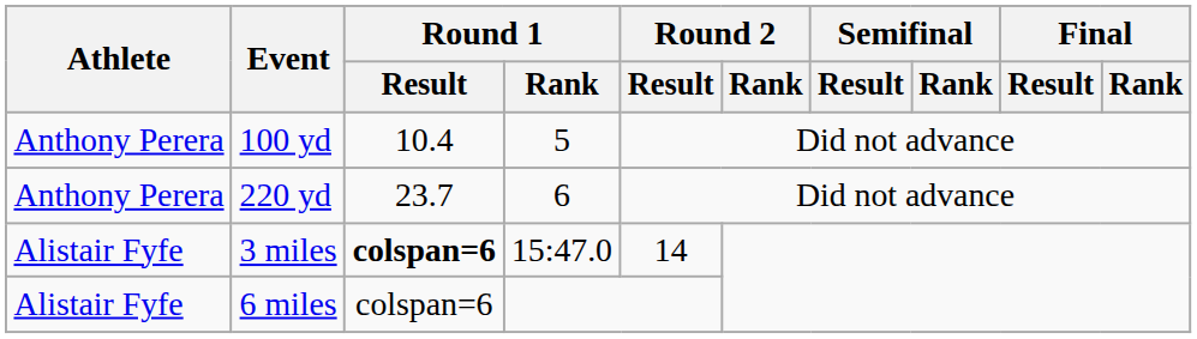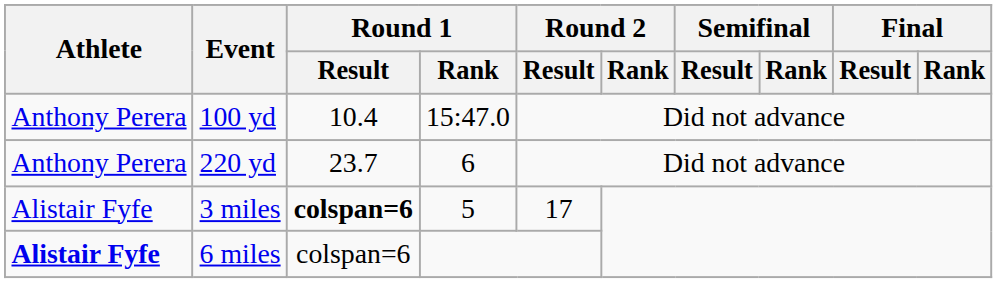 <table class=wikitable style=font-size:90%>
 <tr>
 <th rowspan=2>Athlete</th>
 <th rowspan=2>Event</th>
 <th colspan=2>Round 1</th>
 <th colspan=2>Round 2</th>
 <th colspan=2>Semifinal</th>
 <th colspan=2>Final</th>
 </tr>
 <tr style=font-size:95%>
 <th>Result</th>
 <th>Rank</th>
 <th>Result</th>
 <th>Rank</th>
 <th>Result</th>
 <th>Rank</th>
 <th>Result</th>
 <th>Rank</th>
 </tr>
 <tr align=center>
 <td align=left><a href='#'>Anthony Perera</a></td>
 <td align=left><a href='#'>100 yd</a></td>
 <td>10.4</td>
-<td>5</td>
+<td>15:47.0</td>
 <td colspan=6>Did not advance</td>
 </tr>
 <tr align=center>
 <td align=left><a href='#'>Anthony Perera</a></td>
 <td align=left><a href='#'>220 yd</a></td>
 <td>23.7</td>
 <td>6</td>
 <td colspan=6>Did not advance</td>
 </tr>
 <tr align=center>
 <td align=left><a href='#'>Alistair Fyfe</a></td>
 <td align=left><a href='#'>3 miles</a></td>
 <td><strong>colspan=6 </strong></td>
-<td>15:47.0</td>
-<td>14</td>
+<td>5</td>
+<td>17</td>
 </tr>
 <tr align=center>
-<td align=left><a href='#'>Alistair Fyfe</a></td>
+<td align=left><strong><a href='#'>Alistair Fyfe</a></strong></td>
 <td align=left><a href='#'>6 miles</a></td>
 <td>colspan=6 </td>
 <td colspan=2></td>
 </tr>
 </table>
